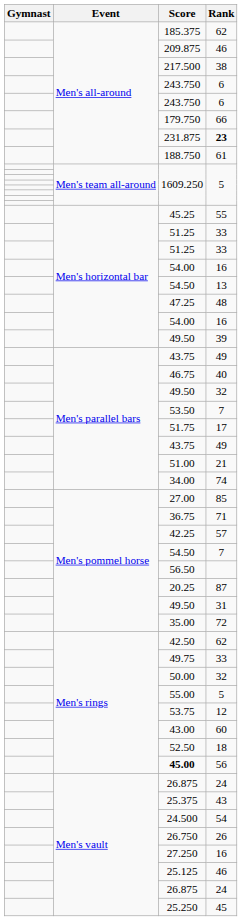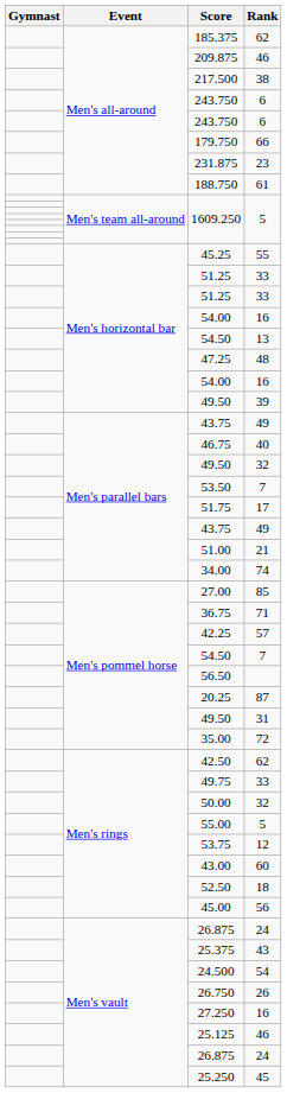 <table class="wikitable sortable" style="text-align:center">
 <tr>
 <th>Gymnast</th>
 <th>Event</th>
 <th>Score</th>
 <th>Rank</th>
 </tr>
 <tr>
 <td align=left></td>
 <td align=left rowspan=8><a href='#'>Men's all-around</a></td>
 <td>185.375</td>
 <td>62</td>
 </tr>
 <tr>
 <td align=left></td>
 <td>209.875</td>
 <td>46</td>
 </tr>
 <tr>
 <td align=left></td>
 <td>217.500</td>
 <td>38</td>
 </tr>
 <tr>
 <td align=left></td>
 <td>243.750</td>
 <td>6</td>
 </tr>
 <tr>
 <td align=left></td>
 <td>243.750</td>
 <td>6</td>
 </tr>
 <tr>
 <td align=left></td>
 <td>179.750</td>
 <td>66</td>
 </tr>
 <tr>
 <td align=left></td>
 <td>231.875</td>
-<td><strong>23</strong></td>
+<td>23</td>
 </tr>
 <tr>
 <td align=left></td>
 <td>188.750</td>
 <td>61</td>
 </tr>
 <tr>
 <td align=left></td>
 <td align=left rowspan=8><a href='#'>Men's team all-around</a></td>
 <td rowspan=8>1609.250</td>
 <td rowspan=8>5</td>
 </tr>
 <tr>
 <td align=left></td>
 </tr>
 <tr>
 <td align=left></td>
 </tr>
 <tr>
 <td align=left></td>
 </tr>
 <tr>
 <td align=left></td>
 </tr>
 <tr>
 <td align=left></td>
 </tr>
 <tr>
 <td align=left></td>
 </tr>
 <tr>
 <td align=left></td>
 </tr>
 <tr>
 <td align=left></td>
 <td align=left rowspan=8><a href='#'>Men's horizontal bar</a></td>
 <td>45.25</td>
 <td>55</td>
 </tr>
 <tr>
 <td align=left></td>
 <td>51.25</td>
 <td>33</td>
 </tr>
 <tr>
 <td align=left></td>
 <td>51.25</td>
 <td>33</td>
 </tr>
 <tr>
 <td align=left></td>
 <td>54.00</td>
 <td>16</td>
 </tr>
 <tr>
 <td align=left></td>
 <td>54.50</td>
 <td>13</td>
 </tr>
 <tr>
 <td align=left></td>
 <td>47.25</td>
 <td>48</td>
 </tr>
 <tr>
 <td align=left></td>
 <td>54.00</td>
 <td>16</td>
 </tr>
 <tr>
 <td align=left></td>
 <td>49.50</td>
 <td>39</td>
 </tr>
 <tr>
 <td align=left></td>
 <td align=left rowspan=8><a href='#'>Men's parallel bars</a></td>
 <td>43.75</td>
 <td>49</td>
 </tr>
 <tr>
 <td align=left></td>
 <td>46.75</td>
 <td>40</td>
 </tr>
 <tr>
 <td align=left></td>
 <td>49.50</td>
 <td>32</td>
 </tr>
 <tr>
 <td align=left></td>
 <td>53.50</td>
 <td>7</td>
 </tr>
 <tr>
 <td align=left></td>
 <td>51.75</td>
 <td>17</td>
 </tr>
 <tr>
 <td align=left></td>
 <td>43.75</td>
 <td>49</td>
 </tr>
 <tr>
 <td align=left></td>
 <td>51.00</td>
 <td>21</td>
 </tr>
 <tr>
 <td align=left></td>
 <td>34.00</td>
 <td>74</td>
 </tr>
 <tr>
 <td align=left></td>
 <td align=left rowspan=8><a href='#'>Men's pommel horse</a></td>
 <td>27.00</td>
 <td>85</td>
 </tr>
 <tr>
 <td align=left></td>
 <td>36.75</td>
 <td>71</td>
 </tr>
 <tr>
 <td align=left></td>
 <td>42.25</td>
 <td>57</td>
 </tr>
 <tr>
 <td align=left></td>
 <td>54.50</td>
 <td>7</td>
 </tr>
 <tr>
 <td align=left><strong></strong></td>
 <td>56.50</td>
 <td></td>
 </tr>
 <tr>
 <td align=left></td>
 <td>20.25</td>
 <td>87</td>
 </tr>
 <tr>
 <td align=left></td>
 <td>49.50</td>
 <td>31</td>
 </tr>
 <tr>
 <td align=left></td>
 <td>35.00</td>
 <td>72</td>
 </tr>
 <tr>
 <td align=left></td>
 <td align=left rowspan=8><a href='#'>Men's rings</a></td>
 <td>42.50</td>
 <td>62</td>
 </tr>
 <tr>
 <td align=left></td>
 <td>49.75</td>
 <td>33</td>
 </tr>
 <tr>
 <td align=left></td>
 <td>50.00</td>
 <td>32</td>
 </tr>
 <tr>
 <td align=left></td>
 <td>55.00</td>
 <td>5</td>
 </tr>
 <tr>
 <td align=left></td>
 <td>53.75</td>
 <td>12</td>
 </tr>
 <tr>
 <td align=left></td>
 <td>43.00</td>
 <td>60</td>
 </tr>
 <tr>
 <td align=left></td>
 <td>52.50</td>
 <td>18</td>
 </tr>
 <tr>
 <td align=left></td>
-<td><strong>45.00</strong></td>
+<td>45.00</td>
 <td>56</td>
 </tr>
 <tr>
 <td align=left></td>
 <td align=left rowspan=8><a href='#'>Men's vault</a></td>
 <td>26.875</td>
 <td>24</td>
 </tr>
 <tr>
 <td align=left></td>
 <td>25.375</td>
 <td>43</td>
 </tr>
 <tr>
 <td align=left></td>
 <td>24.500</td>
 <td>54</td>
 </tr>
 <tr>
 <td align=left></td>
 <td>26.750</td>
 <td>26</td>
 </tr>
 <tr>
 <td align=left></td>
 <td>27.250</td>
 <td>16</td>
 </tr>
 <tr>
 <td align=left></td>
 <td>25.125</td>
 <td>46</td>
 </tr>
 <tr>
 <td align=left></td>
 <td>26.875</td>
 <td>24</td>
 </tr>
 <tr>
 <td align=left></td>
 <td>25.250</td>
 <td>45</td>
 </tr>
 </table>
